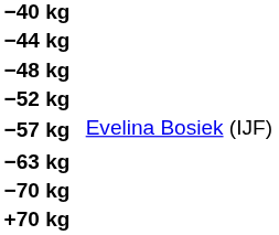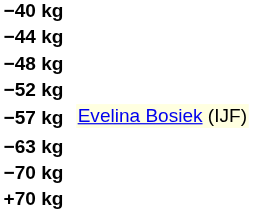 <table>
 <tr>
 <th rowspan=2>−40 kg</th>
 <td rowspan=2></td>
 <td rowspan=2></td>
 <td></td>
 </tr>
 <tr>
 <td></td>
 </tr>
 <tr>
 <th rowspan=2>−44 kg</th>
 <td rowspan=2></td>
 <td rowspan=2></td>
 <td></td>
 </tr>
 <tr>
 <td></td>
 </tr>
 <tr>
 <th rowspan=2>−48 kg</th>
 <td rowspan=2></td>
 <td rowspan=2></td>
 <td></td>
 </tr>
 <tr>
 <td></td>
 </tr>
 <tr>
 <th rowspan=2>−52 kg</th>
 <td rowspan=2></td>
 <td rowspan=2></td>
 <td></td>
 </tr>
 <tr>
 <td></td>
 </tr>
 <tr>
 <th rowspan=2>−57 kg</th>
 <td rowspan=2></td>
 <td rowspan=2></td>
-<td> <a href='#'>Evelina Bosiek</a> <span>(<abbr>IJF</abbr>)</span></td>
+<td style="background: lightyellow;"> <a href='#'>Evelina Bosiek</a> <span>(<abbr>IJF</abbr>)</span></td>
 </tr>
 <tr>
 <td></td>
 </tr>
 <tr>
 <th rowspan=2>−63 kg</th>
 <td rowspan=2></td>
 <td rowspan=2></td>
 <td></td>
 </tr>
 <tr>
 <td></td>
 </tr>
 <tr>
 <th rowspan=2>−70 kg</th>
 <td rowspan=2></td>
 <td rowspan=2></td>
 <td></td>
 </tr>
 <tr>
 <td></td>
 </tr>
 <tr>
 <th rowspan=2>+70 kg</th>
 <td rowspan=2></td>
 <td rowspan=2></td>
 <td></td>
 </tr>
 <tr>
 <td></td>
 </tr>
 </table>
